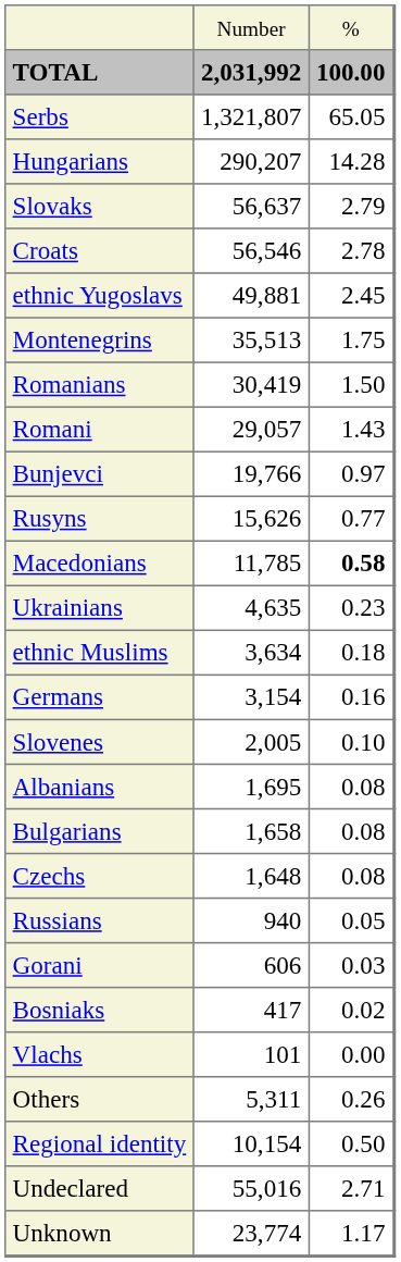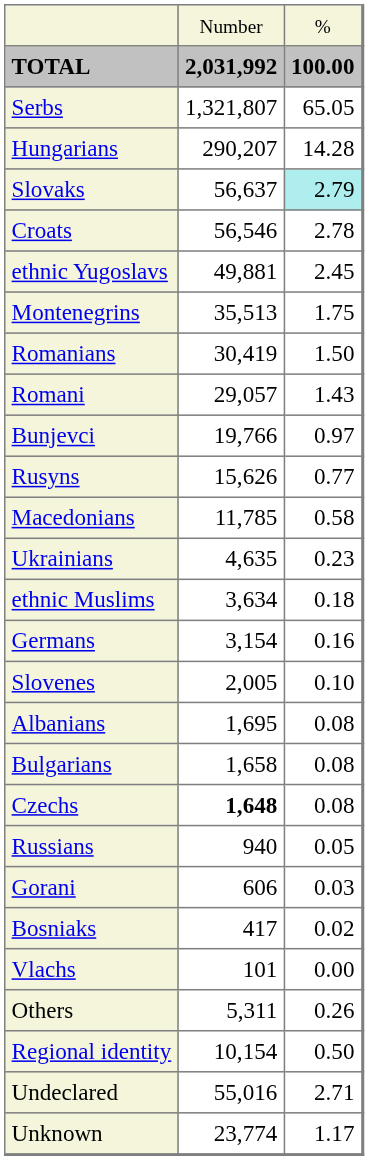 <table border=1 cellpadding=4 cellspacing=0 class="toccolours" style="align: left; margin: 0.5em 0 0 0; border-style: solid; border: 1px solid #7f7f7f; border-right-width: 2px; border-bottom-width: 2px; border-collapse: collapse; font-size: 95%;">
 <tr>
 <td style="background:#F5F5DC;"></td>
 <td style="background:#F5F5DC;" align="center"><small>Number</small></td>
 <td style="background:#F5F5DC;" align="center"><small>%</small></td>
 </tr>
 <tr>
 <td style="background:#c1c1c1;"><strong>TOTAL</strong></td>
 <td style="background:#c1c1c1;"><strong>2,031,992</strong></td>
 <td style="background:#c1c1c1;"><strong>100.00</strong></td>
 </tr>
 <tr>
 <td style="background:#F5F5DC;"><a href='#'>Serbs</a></td>
 <td align="right">1,321,807</td>
 <td align="right">65.05</td>
 </tr>
 <tr>
 <td style="background:#F5F5DC;"><a href='#'>Hungarians</a></td>
 <td align="right">290,207</td>
 <td align="right">14.28</td>
 </tr>
 <tr>
 <td style="background:#F5F5DC;"><a href='#'>Slovaks</a></td>
 <td align="right">56,637</td>
-<td align="right">2.79</td>
+<td align="right" style="background: paleturquoise;">2.79</td>
 </tr>
 <tr>
 <td style="background:#F5F5DC;"><a href='#'>Croats</a></td>
 <td align="right">56,546</td>
 <td align="right">2.78</td>
 </tr>
 <tr>
 <td style="background:#F5F5DC;"><a href='#'>ethnic Yugoslavs</a></td>
 <td align="right">49,881</td>
 <td align="right">2.45</td>
 </tr>
 <tr>
 <td style="background:#F5F5DC;"><a href='#'>Montenegrins</a></td>
 <td align="right">35,513</td>
 <td align="right">1.75</td>
 </tr>
 <tr>
 <td style="background:#F5F5DC;"><a href='#'>Romanians</a></td>
 <td align="right">30,419</td>
 <td align="right">1.50</td>
 </tr>
 <tr>
 <td style="background:#F5F5DC;"><a href='#'>Romani</a></td>
 <td align="right">29,057</td>
 <td align="right">1.43</td>
 </tr>
 <tr>
 <td style="background:#F5F5DC;"><a href='#'>Bunjevci</a></td>
 <td align="right">19,766</td>
 <td align="right">0.97</td>
 </tr>
 <tr>
 <td style="background:#F5F5DC;"><a href='#'>Rusyns</a></td>
 <td align="right">15,626</td>
 <td align="right">0.77</td>
 </tr>
 <tr>
 <td style="background:#F5F5DC;"><a href='#'>Macedonians</a></td>
 <td align="right">11,785</td>
-<td align="right"><strong>0.58</strong></td>
+<td align="right">0.58</td>
 </tr>
 <tr>
 <td style="background:#F5F5DC;"><a href='#'>Ukrainians</a></td>
 <td align="right">4,635</td>
 <td align="right">0.23</td>
 </tr>
 <tr>
 <td style="background:#F5F5DC;"><a href='#'>ethnic Muslims</a></td>
 <td align="right">3,634</td>
 <td align="right">0.18</td>
 </tr>
 <tr>
 <td style="background:#F5F5DC;"><a href='#'>Germans</a></td>
 <td align="right">3,154</td>
 <td align="right">0.16</td>
 </tr>
 <tr>
 <td style="background:#F5F5DC;"><a href='#'>Slovenes</a></td>
 <td align="right">2,005</td>
 <td align="right">0.10</td>
 </tr>
 <tr>
 <td style="background:#F5F5DC;"><a href='#'>Albanians</a></td>
 <td align="right">1,695</td>
 <td align="right">0.08</td>
 </tr>
 <tr>
 <td style="background:#F5F5DC;"><a href='#'>Bulgarians</a></td>
 <td align="right">1,658</td>
 <td align="right">0.08</td>
 </tr>
 <tr>
 <td style="background:#F5F5DC;"><a href='#'>Czechs</a></td>
-<td align="right">1,648</td>
+<td align="right"><strong>1,648</strong></td>
 <td align="right">0.08</td>
 </tr>
 <tr>
 <td style="background:#F5F5DC;"><a href='#'>Russians</a></td>
 <td align="right">940</td>
 <td align="right">0.05</td>
 </tr>
 <tr>
 <td style="background:#F5F5DC;"><a href='#'>Gorani</a></td>
 <td align="right">606</td>
 <td align="right">0.03</td>
 </tr>
 <tr>
 <td style="background:#F5F5DC;"><a href='#'>Bosniaks</a></td>
 <td align="right">417</td>
 <td align="right">0.02</td>
 </tr>
 <tr>
 <td style="background:#F5F5DC;"><a href='#'>Vlachs</a></td>
 <td align="right">101</td>
 <td align="right">0.00</td>
 </tr>
 <tr>
 <td style="background:#F5F5DC;">Others</td>
 <td align="right">5,311</td>
 <td align="right">0.26</td>
 </tr>
 <tr>
 <td style="background:#F5F5DC;"><a href='#'>Regional identity</a></td>
 <td align="right">10,154</td>
 <td align="right">0.50</td>
 </tr>
 <tr>
 <td style="background:#F5F5DC;">Undeclared</td>
 <td align="right">55,016</td>
 <td align="right">2.71</td>
 </tr>
 <tr>
 <td style="background:#F5F5DC;">Unknown</td>
 <td align="right">23,774</td>
 <td align="right">1.17</td>
 </tr>
 </table>
